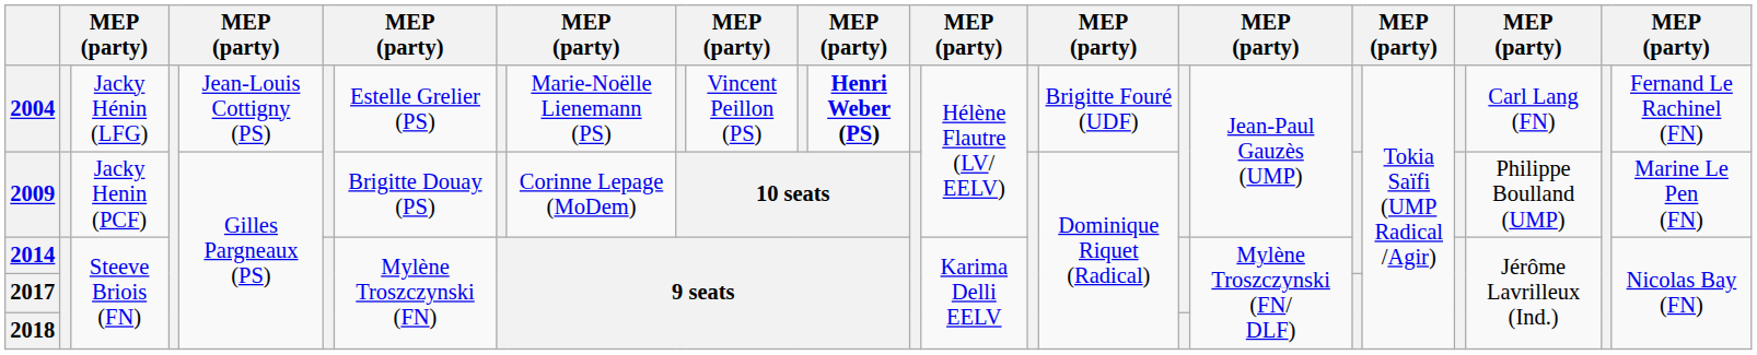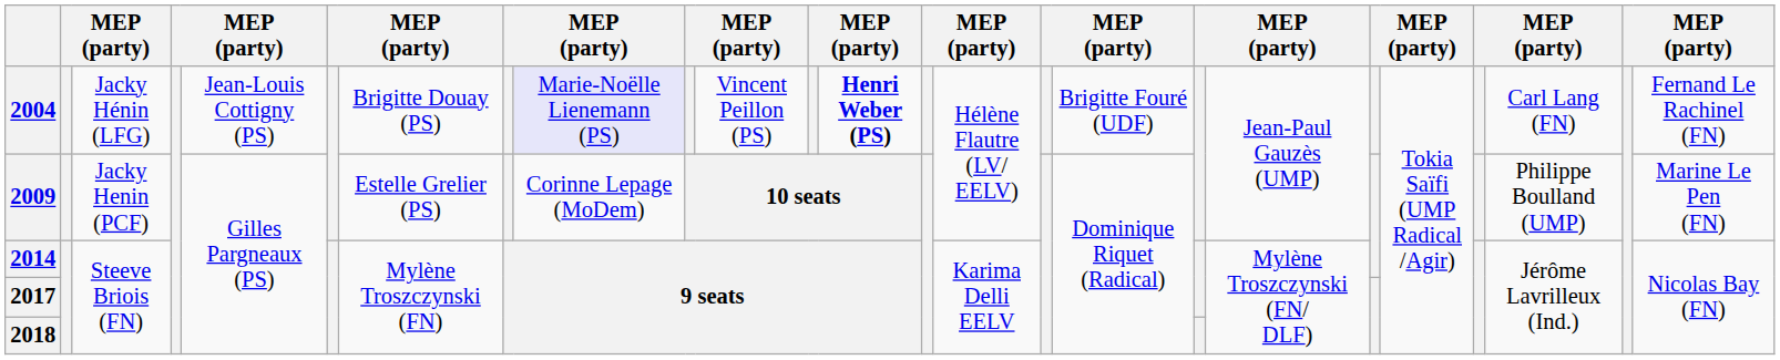 <table class="wikitable" style="text-align:center">
 <tr>
 <th></th>
 <th colspan=2>MEP<br>(party)</th>
 <th colspan=2>MEP<br>(party)</th>
 <th colspan=2>MEP<br>(party)</th>
 <th colspan=2>MEP<br>(party)</th>
 <th colspan=2>MEP<br>(party)</th>
 <th colspan=2>MEP<br>(party)</th>
 <th colspan=2>MEP<br>(party)</th>
 <th colspan=2>MEP<br>(party)</th>
 <th colspan=2>MEP<br>(party)</th>
 <th colspan=2>MEP<br>(party)</th>
 <th colspan=2>MEP<br>(party)</th>
 <th colspan=2>MEP<br>(party)</th>
 </tr>
 <tr>
 <th><a href='#'>2004</a></th>
 <th rowspan=1 style="background-color: "></th>
 <td rowspan=1><a href='#'>Jacky Hénin</a><br>(<a href='#'>LFG</a>)</td>
 <th rowspan=5 style="background-color: "></th>
 <td rowspan=1><a href='#'>Jean-Louis Cottigny</a><br>(<a href='#'>PS</a>)</td>
 <th rowspan=2 style="background-color: "></th>
-<td rowspan=1><a href='#'>Estelle Grelier</a><br>(<a href='#'>PS</a>)</td>
+<td rowspan=1><a href='#'>Brigitte Douay</a><br>(<a href='#'>PS</a>)</td>
 <th rowspan=1 style="background-color: "></th>
-<td rowspan=1><a href='#'>Marie-Noëlle Lienemann</a><br>(<a href='#'>PS</a>)</td>
+<td rowspan=1 style="background: lavender;"><a href='#'>Marie-Noëlle Lienemann</a><br>(<a href='#'>PS</a>)</td>
 <th rowspan=1 style="background-color: "></th>
 <td rowspan=1><a href='#'>Vincent Peillon</a><br>(<a href='#'>PS</a>)</td>
 <th rowspan=1 style="background-color: "></th>
 <td rowspan=1><strong><a href='#'>Henri Weber</a><br>(<a href='#'>PS</a>)</strong></td>
 <th rowspan=1 style="background-color: "></th>
 <td rowspan=2><a href='#'>Hélène Flautre</a><br>(<a href='#'>LV</a>/<br><a href='#'>EELV</a>)</td>
 <th rowspan=1 style="background-color: "></th>
 <td rowspan=1><a href='#'>Brigitte Fouré</a><br>(<a href='#'>UDF</a>)</td>
 <th rowspan=2 style="background-color: "></th>
 <td rowspan=2><a href='#'>Jean-Paul Gauzès</a><br>(<a href='#'>UMP</a>)</td>
 <th rowspan=1 style="background-color: "></th>
 <td rowspan=5><a href='#'>Tokia Saïfi</a><br>(<a href='#'>UMP</a><br><a href='#'>Radical</a><br>/<a href='#'>Agir</a>)</td>
 <th rowspan=1 style="background-color: "></th>
 <td rowspan=1><a href='#'>Carl Lang</a><br>(<a href='#'>FN</a>)</td>
 <th rowspan=5 style="background-color: "></th>
 <td rowspan=1><a href='#'>Fernand Le Rachinel</a><br>(<a href='#'>FN</a>)</td>
 </tr>
 <tr>
 <th><a href='#'>2009</a></th>
 <th rowspan=1 style="background-color: "></th>
 <td rowspan=1><a href='#'>Jacky Henin</a><br>(<a href='#'>PCF</a>)</td>
 <td rowspan=4><a href='#'>Gilles Pargneaux</a><br>(<a href='#'>PS</a>)</td>
-<td rowspan=1><a href='#'>Brigitte Douay</a><br>(<a href='#'>PS</a>)</td>
+<td rowspan=1><a href='#'>Estelle Grelier</a><br>(<a href='#'>PS</a>)</td>
 <th rowspan=1 style="background-color: "></th>
 <td rowspan=1><a href='#'>Corinne Lepage</a><br>(<a href='#'>MoDem</a>)</td>
 <th colspan=4; rowspan=1>10 seats</th>
 <th rowspan=4 style="background-color: "></th>
 <th rowspan=4 style="background-color: "></th>
 <td rowspan=4><a href='#'>Dominique Riquet</a><br>(<a href='#'>Radical</a>)</td>
 <th rowspan=2 style="background-color: "></th>
 <th rowspan=1 style="background-color: "></th>
 <td rowspan=1>Philippe Boulland<br>(<a href='#'>UMP</a>)</td>
 <td rowspan=1><a href='#'>Marine Le Pen</a><br>(<a href='#'>FN</a>)</td>
 </tr>
 <tr>
 <th><a href='#'>2014</a></th>
 <th rowspan=3 style="background-color: "></th>
 <td rowspan=3><a href='#'>Steeve Briois</a><br>(<a href='#'>FN</a>)</td>
 <th rowspan=3 style="background-color: "></th>
 <td rowspan=3><a href='#'>Mylène Troszczynski</a><br>(<a href='#'>FN</a>)</td>
 <th colspan=6; rowspan=3>9 seats</th>
 <td rowspan=3><a href='#'>Karima Delli</a><br><a href='#'>EELV</a></td>
 <th rowspan=2 style="background-color: "></th>
 <td rowspan=3><a href='#'>Mylène Troszczynski</a><br>(<a href='#'>FN</a>/<br><a href='#'>DLF</a>)</td>
 <th rowspan=3 style="background-color: "></th>
 <td rowspan=3>Jérôme Lavrilleux<br>(Ind.)</td>
 <td rowspan=3><a href='#'>Nicolas Bay</a><br>(<a href='#'>FN</a>)</td>
 </tr>
 <tr>
 <th>2017</th>
 <th rowspan=2 style="background-color: "></th>
 </tr>
 <tr>
 <th>2018</th>
 <th rowspan=1 style="background-color: "></th>
 </tr>
 </table>
